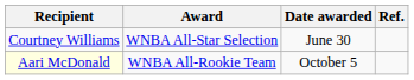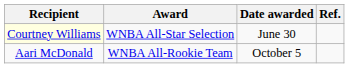 <table class="wikitable sortable sortable" style="text-align: center">
 <tr>
 <th>Recipient</th>
 <th>Award</th>
 <th>Date awarded</th>
 <th>Ref.</th>
 </tr>
 <tr>
-<td><a href='#'>Courtney Williams</a></td>
+<td style="background: lightyellow;"><a href='#'>Courtney Williams</a></td>
 <td><a href='#'>WNBA All-Star Selection</a></td>
 <td>June 30</td>
 <td></td>
 </tr>
 <tr>
-<td style="background: lightyellow;"><a href='#'>Aari McDonald</a></td>
+<td><a href='#'>Aari McDonald</a></td>
 <td><a href='#'>WNBA All-Rookie Team</a></td>
 <td>October 5</td>
 <td></td>
 </tr>
 </table>
